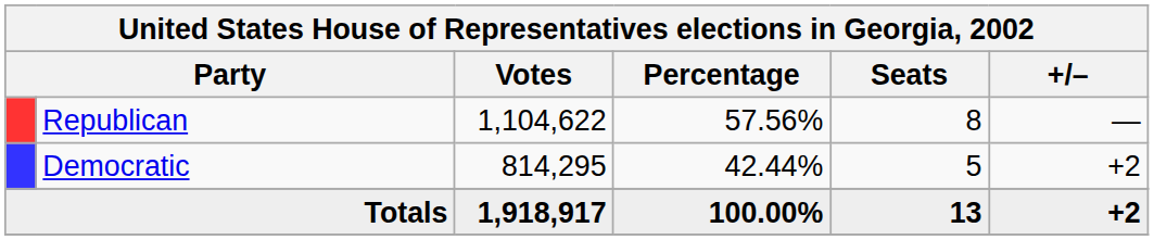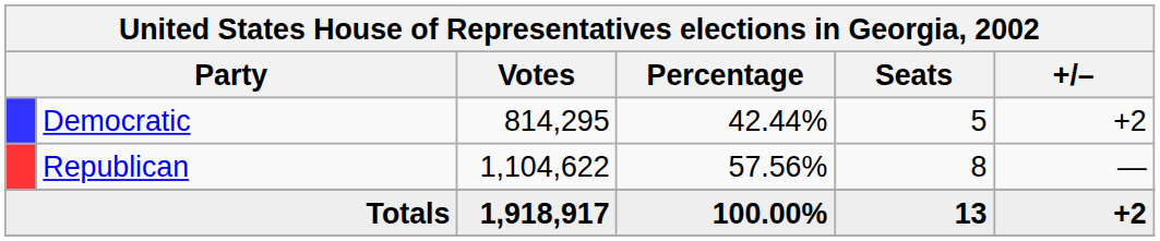 <table class="wikitable" style="font-size: 95%;">
 <tr>
 <th colspan="6">United States House of Representatives elections in Georgia, 2002</th>
 </tr>
 <tr>
 <th colspan=2 style="width: 15em">Party</th>
 <th style="width: 5em">Votes</th>
 <th style="width: 7em">Percentage</th>
 <th style="width: 5em">Seats</th>
 <th style="width: 5em">+/–</th>
 </tr>
 <tr>
+<th style="background-color:#3333FF; width: 3px"></th>
+<td style="width: 130px"><a href='#'>Democratic</a></td>
+<td align="right">814,295</td>
+<td align="right">42.44%</td>
+<td align="right">5</td>
+<td align="right">+2</td>
+</tr>
+<tr>
 <th style="background-color:#FF3333; width: 3px"></th>
 <td style="width: 130px"><a href='#'>Republican</a></td>
 <td align="right">1,104,622</td>
 <td align="right">57.56%</td>
 <td align="right">8</td>
 <td align="right">—</td>
-</tr>
-<tr>
-<th style="background-color:#3333FF; width: 3px"></th>
-<td style="width: 130px"><a href='#'>Democratic</a></td>
-<td align="right">814,295</td>
-<td align="right">42.44%</td>
-<td align="right">5</td>
-<td align="right">+2</td>
 </tr>
 <tr>
 </tr>
 <tr bgcolor="#EEEEEE">
 <td colspan="2" align="right"><strong>Totals</strong></td>
 <td align="right"><strong>1,918,917</strong></td>
 <td align="right"><strong>100.00%</strong></td>
 <td align="right"><strong>13</strong></td>
 <td align="right"><strong>+2</strong></td>
 </tr>
 <tr bgcolor="#EEEEEE">
 </tr>
 </table>
